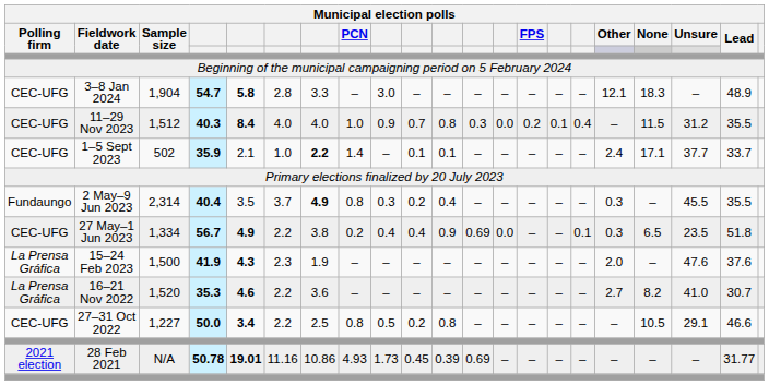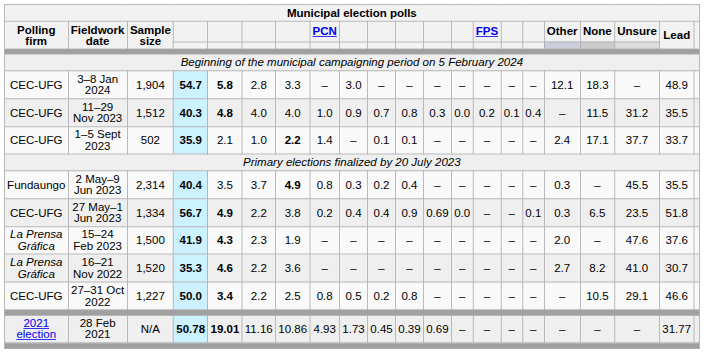 <table class="wikitable mw-collapsible" style="text-align:center;font-size:90%;line-height:14px;">
 <tr>
 <th colspan="21">Municipal election polls</th>
 </tr>
 <tr>
 <th rowspan="2">Polling firm</th>
 <th rowspan="2">Fieldwork date</th>
 <th rowspan="2">Sample<br>size</th>
 <th style="width:43px;"></th>
 <th style="width:43px;"></th>
 <th style="width:43px;"></th>
 <th style="width:43px;"></th>
 <th style="width:43px;"><a href='#'>PCN</a></th>
 <th style="width:43px;"></th>
 <th style="width:43px;"></th>
 <th style="width:43px;"></th>
 <th style="width:43px;"></th>
 <th style="width:43px;"></th>
 <th style="width:43px;"><a href='#'>FPS</a></th>
 <th style="width:43px;"></th>
 <th style="width:43px;"></th>
 <th style="width:43px;">Other</th>
 <th style="width:43px;">None</th>
 <th style="width:43px;">Unsure</th>
 <th style="width:30px;" rowspan="2">Lead</th>
 <th rowspan="2"></th>
 </tr>
 <tr>
 <th style="color:inherit;background:"></th>
 <th style="color:inherit;background:"></th>
 <th style="color:inherit;background:"></th>
 <th style="color:inherit;background:"></th>
 <th style="background:"></th>
 <th style="color:inherit;background:"></th>
 <th style="color:inherit;background:"></th>
 <th style="color:inherit;background:"></th>
 <th style="color:inherit;background:"></th>
 <th style="color:inherit;background:"></th>
 <th style="color:inherit;background:"></th>
 <th style="color:inherit;background:"></th>
 <th style="color:inherit;background:"></th>
 <th style="color:inherit;background:#CCCDDD;"></th>
 <th style="color:inherit;background:#CCCCCC;"></th>
 <th style="color:inherit;background:#DDDDDD;"></th>
 </tr>
 <tr>
 <td colspan="21" style="background:#A0A0A0"></td>
 </tr>
 <tr style="background:#EFEFEF;">
 <td colspan="21"><em>Beginning of the municipal campaigning period on 5 February 2024</em></td>
 </tr>
 <tr>
 <td>CEC-UFG</td>
 <td>3–8 Jan 2024</td>
 <td>1,904</td>
 <td style="background:#CCF1FF;"><strong>54.7</strong></td>
 <td><strong>5.8</strong></td>
 <td>2.8</td>
 <td>3.3</td>
 <td>–</td>
 <td>3.0</td>
 <td>–</td>
 <td>–</td>
 <td>–</td>
 <td>–</td>
 <td>–</td>
 <td>–</td>
 <td>–</td>
 <td>12.1</td>
 <td>18.3</td>
 <td>–</td>
 <td style="background:">48.9</td>
 <td></td>
 </tr>
 <tr style="background:#EFEFEF;">
 <td>CEC-UFG</td>
 <td>11–29 Nov 2023</td>
 <td>1,512</td>
 <td style="background:#CCF1FF;"><strong>40.3</strong></td>
-<td><strong>8.4</strong></td>
+<td><strong>4.8</strong></td>
 <td>4.0</td>
 <td>4.0</td>
 <td>1.0</td>
 <td>0.9</td>
 <td>0.7</td>
 <td>0.8</td>
 <td>0.3</td>
 <td>0.0</td>
 <td>0.2</td>
 <td>0.1</td>
 <td>0.4</td>
 <td>–</td>
 <td>11.5</td>
 <td>31.2</td>
 <td style="background:">35.5</td>
 <td></td>
 </tr>
 <tr>
 <td>CEC-UFG</td>
 <td>1–5 Sept 2023</td>
 <td>502</td>
 <td style="background:#CCF1FF;"><strong>35.9</strong></td>
 <td>2.1</td>
 <td>1.0</td>
 <td><strong>2.2</strong></td>
 <td>1.4</td>
 <td>–</td>
 <td>0.1</td>
 <td>0.1</td>
 <td>–</td>
 <td>–</td>
 <td>–</td>
 <td>–</td>
 <td>–</td>
 <td>2.4</td>
 <td>17.1</td>
 <td>37.7</td>
 <td style="background:">33.7</td>
 <td></td>
 </tr>
 <tr>
 <td colspan="21" style="background:#EFEFEF;"><em>Primary elections finalized by 20 July 2023</em></td>
 </tr>
 <tr>
 <td>Fundaungo</td>
 <td>2 May–9 Jun 2023</td>
 <td>2,314</td>
 <td style="background:#CCF1FF;"><strong>40.4</strong></td>
 <td>3.5</td>
 <td>3.7</td>
 <td><strong>4.9</strong></td>
 <td>0.8</td>
 <td>0.3</td>
 <td>0.2</td>
 <td>0.4</td>
 <td>–</td>
 <td>–</td>
 <td>–</td>
 <td>–</td>
 <td>–</td>
 <td>0.3</td>
 <td>–</td>
 <td>45.5</td>
 <td style="background:">35.5</td>
 <td></td>
 </tr>
 <tr style="background:#EFEFEF;">
 <td>CEC-UFG</td>
 <td>27 May–1 Jun 2023</td>
 <td>1,334</td>
 <td style="background:#CCF1FF;"><strong>56.7</strong></td>
 <td><strong>4.9</strong></td>
 <td>2.2</td>
 <td>3.8</td>
 <td>0.2</td>
 <td>0.4</td>
 <td>0.4</td>
 <td>0.9</td>
 <td>0.69<br></td>
 <td>0.0</td>
 <td>–</td>
 <td>–</td>
 <td>0.1</td>
 <td>0.3</td>
 <td>6.5</td>
 <td>23.5</td>
 <td style="background:">51.8</td>
 <td></td>
 </tr>
 <tr>
 <td><em>La Prensa Gráfica</em></td>
 <td>15–24 Feb 2023</td>
 <td>1,500</td>
 <td style="background:#CCF1FF;"><strong>41.9</strong></td>
 <td><strong>4.3</strong></td>
 <td>2.3</td>
 <td>1.9</td>
 <td>–</td>
 <td>–</td>
 <td>–</td>
 <td>–</td>
 <td>–</td>
 <td>–</td>
 <td>–</td>
 <td>–</td>
 <td>–</td>
 <td>2.0</td>
 <td>–</td>
 <td>47.6</td>
 <td style="background:">37.6</td>
 <td></td>
 </tr>
 <tr style="background:#EFEFEF;">
 <td><em>La Prensa Gráfica</em></td>
 <td>16–21 Nov 2022</td>
 <td>1,520</td>
 <td style="background:#CCF1FF;"><strong>35.3</strong></td>
 <td><strong>4.6</strong></td>
 <td>2.2</td>
 <td>3.6</td>
 <td>–</td>
 <td>–</td>
 <td>–</td>
 <td>–</td>
 <td>–</td>
 <td>–</td>
 <td>–</td>
 <td>–</td>
 <td>–</td>
 <td>2.7</td>
 <td>8.2</td>
 <td>41.0</td>
 <td style="background:">30.7</td>
 <td></td>
 </tr>
 <tr>
 <td>CEC-UFG</td>
 <td>27–31 Oct 2022</td>
 <td>1,227</td>
 <td style="background:#CCF1FF;"><strong>50.0</strong></td>
 <td><strong>3.4</strong></td>
 <td>2.2</td>
 <td>2.5</td>
 <td>0.8</td>
 <td>0.5</td>
 <td>0.2</td>
 <td>0.8</td>
 <td>–</td>
 <td>–</td>
 <td>–</td>
 <td>–</td>
 <td>–</td>
 <td>–</td>
 <td>10.5</td>
 <td>29.1</td>
 <td style="background:">46.6</td>
 <td></td>
 </tr>
 <tr>
 <td colspan="21" style="background:#A0A0A0"></td>
 </tr>
 <tr style="background:#EFEFEF;">
 <td><a href='#'>2021 election</a></td>
 <td>28 Feb 2021</td>
 <td>N/A</td>
 <td style="background:#CCF1FF;"><strong>50.78</strong><br></td>
 <td><strong>19.01</strong><br></td>
 <td>11.16<br></td>
 <td>10.86<br></td>
 <td>4.93<br></td>
 <td>1.73<br></td>
 <td>0.45<br></td>
 <td>0.39<br></td>
 <td>0.69<br></td>
 <td>–</td>
 <td>–</td>
 <td>–</td>
 <td>–</td>
 <td>–</td>
 <td>–</td>
 <td>–</td>
 <td style="background:">31.77</td>
 <td></td>
 </tr>
 <tr>
 <td colspan="21" style="background:#A0A0A0"></td>
 </tr>
 </table>
